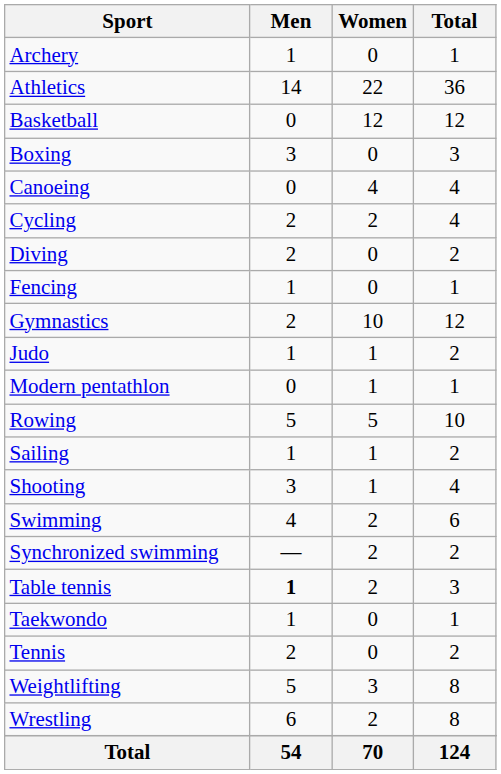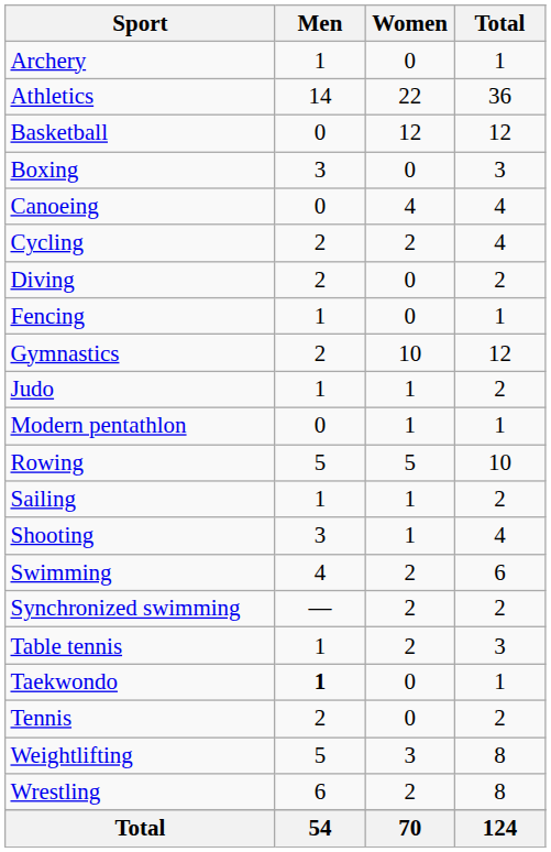 <table class="wikitable sortable" style="text-align:center;">
 <tr>
 <th width=180>Sport</th>
 <th width=55>Men</th>
 <th width=55>Women</th>
 <th width=55>Total</th>
 </tr>
 <tr>
 <td align=left><a href='#'>Archery</a></td>
 <td>1</td>
 <td>0</td>
 <td>1</td>
 </tr>
 <tr>
 <td align=left><a href='#'>Athletics</a></td>
 <td>14</td>
 <td>22</td>
 <td>36</td>
 </tr>
 <tr>
 <td align=left><a href='#'>Basketball</a></td>
 <td>0</td>
 <td>12</td>
 <td>12</td>
 </tr>
 <tr>
 <td align=left><a href='#'>Boxing</a></td>
 <td>3</td>
 <td>0</td>
 <td>3</td>
 </tr>
 <tr>
 <td align=left><a href='#'>Canoeing</a></td>
 <td>0</td>
 <td>4</td>
 <td>4</td>
 </tr>
 <tr>
 <td align=left><a href='#'>Cycling</a></td>
 <td>2</td>
 <td>2</td>
 <td>4</td>
 </tr>
 <tr>
 <td align=left><a href='#'>Diving</a></td>
 <td>2</td>
 <td>0</td>
 <td>2</td>
 </tr>
 <tr>
 <td align=left><a href='#'>Fencing</a></td>
 <td>1</td>
 <td>0</td>
 <td>1</td>
 </tr>
 <tr>
 <td align=left><a href='#'>Gymnastics</a></td>
 <td>2</td>
 <td>10</td>
 <td>12</td>
 </tr>
 <tr>
 <td align=left><a href='#'>Judo</a></td>
 <td>1</td>
 <td>1</td>
 <td>2</td>
 </tr>
 <tr>
 <td align=left><a href='#'>Modern pentathlon</a></td>
 <td>0</td>
 <td>1</td>
 <td>1</td>
 </tr>
 <tr>
 <td align=left><a href='#'>Rowing</a></td>
 <td>5</td>
 <td>5</td>
 <td>10</td>
 </tr>
 <tr>
 <td align=left><a href='#'>Sailing</a></td>
 <td>1</td>
 <td>1</td>
 <td>2</td>
 </tr>
 <tr>
 <td align=left><a href='#'>Shooting</a></td>
 <td>3</td>
 <td>1</td>
 <td>4</td>
 </tr>
 <tr>
 <td align=left><a href='#'>Swimming</a></td>
 <td>4</td>
 <td>2</td>
 <td>6</td>
 </tr>
 <tr>
 <td align=left><a href='#'>Synchronized swimming</a></td>
 <td>—</td>
 <td>2</td>
 <td>2</td>
 </tr>
 <tr>
 <td align=left><a href='#'>Table tennis</a></td>
-<td><strong>1</strong></td>
+<td>1</td>
 <td>2</td>
 <td>3</td>
 </tr>
 <tr>
 <td align=left><a href='#'>Taekwondo</a></td>
-<td>1</td>
+<td><strong>1</strong></td>
 <td>0</td>
 <td>1</td>
 </tr>
 <tr>
 <td align=left><a href='#'>Tennis</a></td>
 <td>2</td>
 <td>0</td>
 <td>2</td>
 </tr>
 <tr>
 <td align=left><a href='#'>Weightlifting</a></td>
 <td>5</td>
 <td>3</td>
 <td>8</td>
 </tr>
 <tr>
 <td align=left><a href='#'>Wrestling</a></td>
 <td>6</td>
 <td>2</td>
 <td>8</td>
 </tr>
 <tr>
 </tr>
 <tr class="sortbottom">
 <th>Total</th>
 <th>54</th>
 <th>70</th>
 <th>124</th>
 </tr>
 </table>
